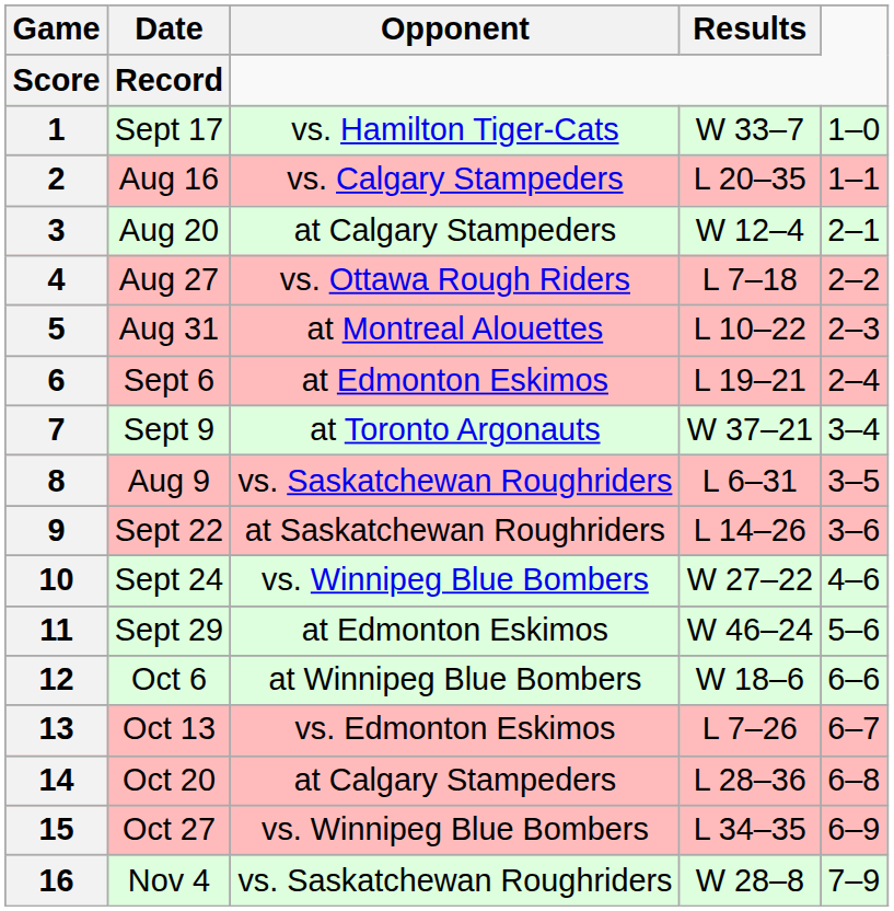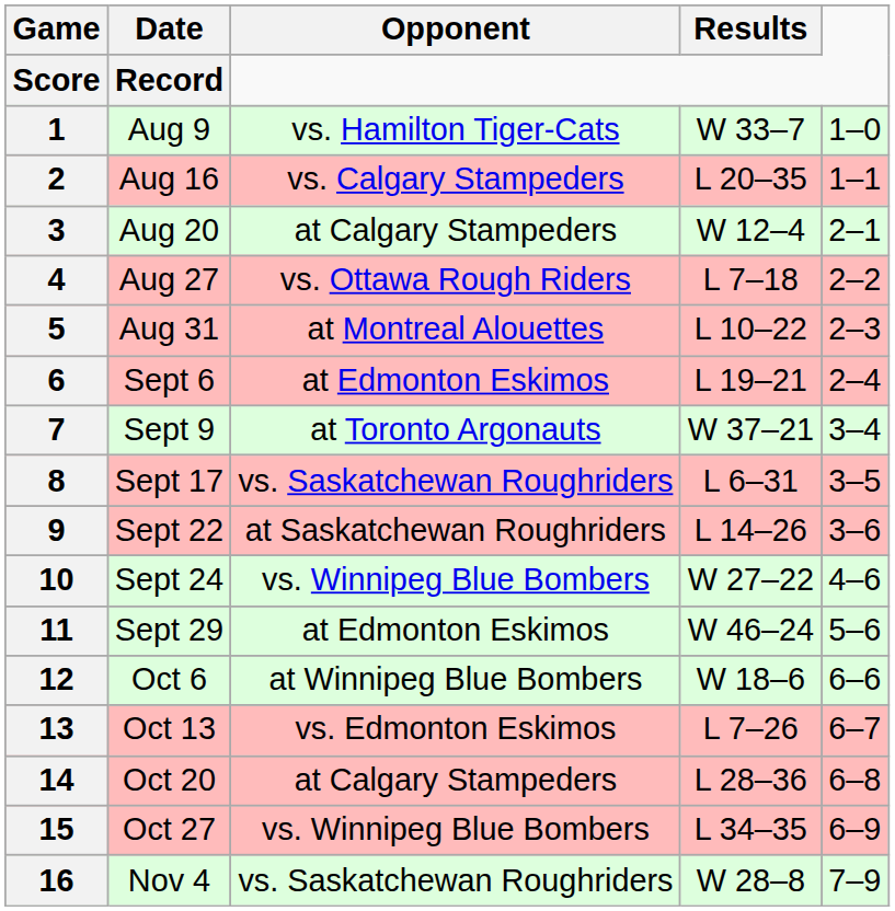 <table class="wikitable" style="text-align:center">
 <tr>
 <th>Game</th>
 <th>Date</th>
 <th>Opponent</th>
 <th>Results</th>
 </tr>
 <tr>
 <th>Score</th>
 <th>Record</th>
 </tr>
 <tr style="background:#ddffdd">
 <th>1</th>
-<td>Sept 17</td>
+<td>Aug 9</td>
 <td>vs. <a href='#'>Hamilton Tiger-Cats</a></td>
 <td>W 33–7</td>
 <td>1–0</td>
 </tr>
 <tr style="background:#ffbbbb">
 <th>2</th>
 <td>Aug 16</td>
 <td>vs. <a href='#'>Calgary Stampeders</a></td>
 <td>L 20–35</td>
 <td>1–1</td>
 </tr>
 <tr style="background:#ddffdd">
 <th>3</th>
 <td>Aug 20</td>
 <td>at Calgary Stampeders</td>
 <td>W 12–4</td>
 <td>2–1</td>
 </tr>
 <tr style="background:#ffbbbb">
 <th>4</th>
 <td>Aug 27</td>
 <td>vs. <a href='#'>Ottawa Rough Riders</a></td>
 <td>L 7–18</td>
 <td>2–2</td>
 </tr>
 <tr style="background:#ffbbbb">
 <th>5</th>
 <td>Aug 31</td>
 <td>at <a href='#'>Montreal Alouettes</a></td>
 <td>L 10–22</td>
 <td>2–3</td>
 </tr>
 <tr style="background:#ffbbbb">
 <th>6</th>
 <td>Sept 6</td>
 <td>at <a href='#'>Edmonton Eskimos</a></td>
 <td>L 19–21</td>
 <td>2–4</td>
 </tr>
 <tr style="background:#ddffdd">
 <th>7</th>
 <td>Sept 9</td>
 <td>at <a href='#'>Toronto Argonauts</a></td>
 <td>W 37–21</td>
 <td>3–4</td>
 </tr>
 <tr style="background:#ffbbbb">
 <th>8</th>
-<td>Aug 9</td>
+<td>Sept 17</td>
 <td>vs. <a href='#'>Saskatchewan Roughriders</a></td>
 <td>L 6–31</td>
 <td>3–5</td>
 </tr>
 <tr style="background:#ffbbbb">
 <th>9</th>
 <td>Sept 22</td>
 <td>at Saskatchewan Roughriders</td>
 <td>L 14–26</td>
 <td>3–6</td>
 </tr>
 <tr style="background:#ddffdd">
 <th>10</th>
 <td>Sept 24</td>
 <td>vs. <a href='#'>Winnipeg Blue Bombers</a></td>
 <td>W 27–22</td>
 <td>4–6</td>
 </tr>
 <tr style="background:#ddffdd">
 <th>11</th>
 <td>Sept 29</td>
 <td>at Edmonton Eskimos</td>
 <td>W 46–24</td>
 <td>5–6</td>
 </tr>
 <tr style="background:#ddffdd">
 <th>12</th>
 <td>Oct 6</td>
 <td>at Winnipeg Blue Bombers</td>
 <td>W 18–6</td>
 <td>6–6</td>
 </tr>
 <tr style="background:#ffbbbb">
 <th>13</th>
 <td>Oct 13</td>
 <td>vs. Edmonton Eskimos</td>
 <td>L 7–26</td>
 <td>6–7</td>
 </tr>
 <tr style="background:#ffbbbb">
 <th>14</th>
 <td>Oct 20</td>
 <td>at Calgary Stampeders</td>
 <td>L 28–36</td>
 <td>6–8</td>
 </tr>
 <tr style="background:#ffbbbb">
 <th>15</th>
 <td>Oct 27</td>
 <td>vs. Winnipeg Blue Bombers</td>
 <td>L 34–35</td>
 <td>6–9</td>
 </tr>
 <tr style="background:#ddffdd">
 <th>16</th>
 <td>Nov 4</td>
 <td>vs. Saskatchewan Roughriders</td>
 <td>W 28–8</td>
 <td>7–9</td>
 </tr>
 </table>
